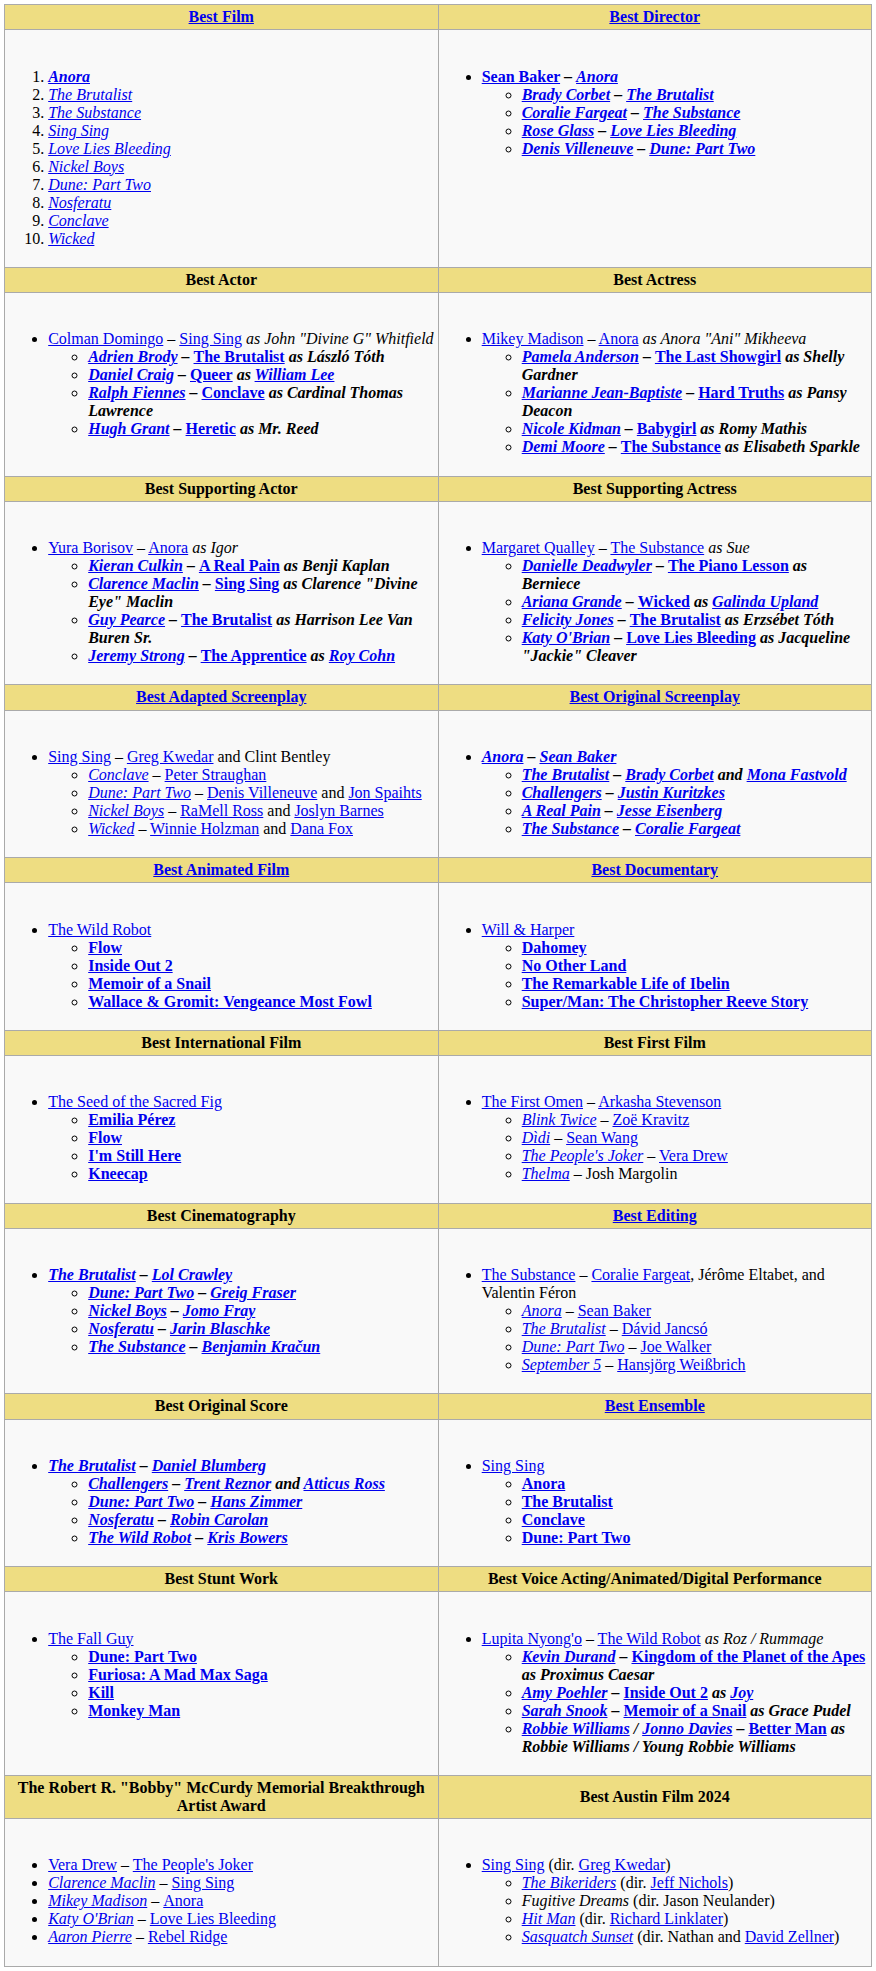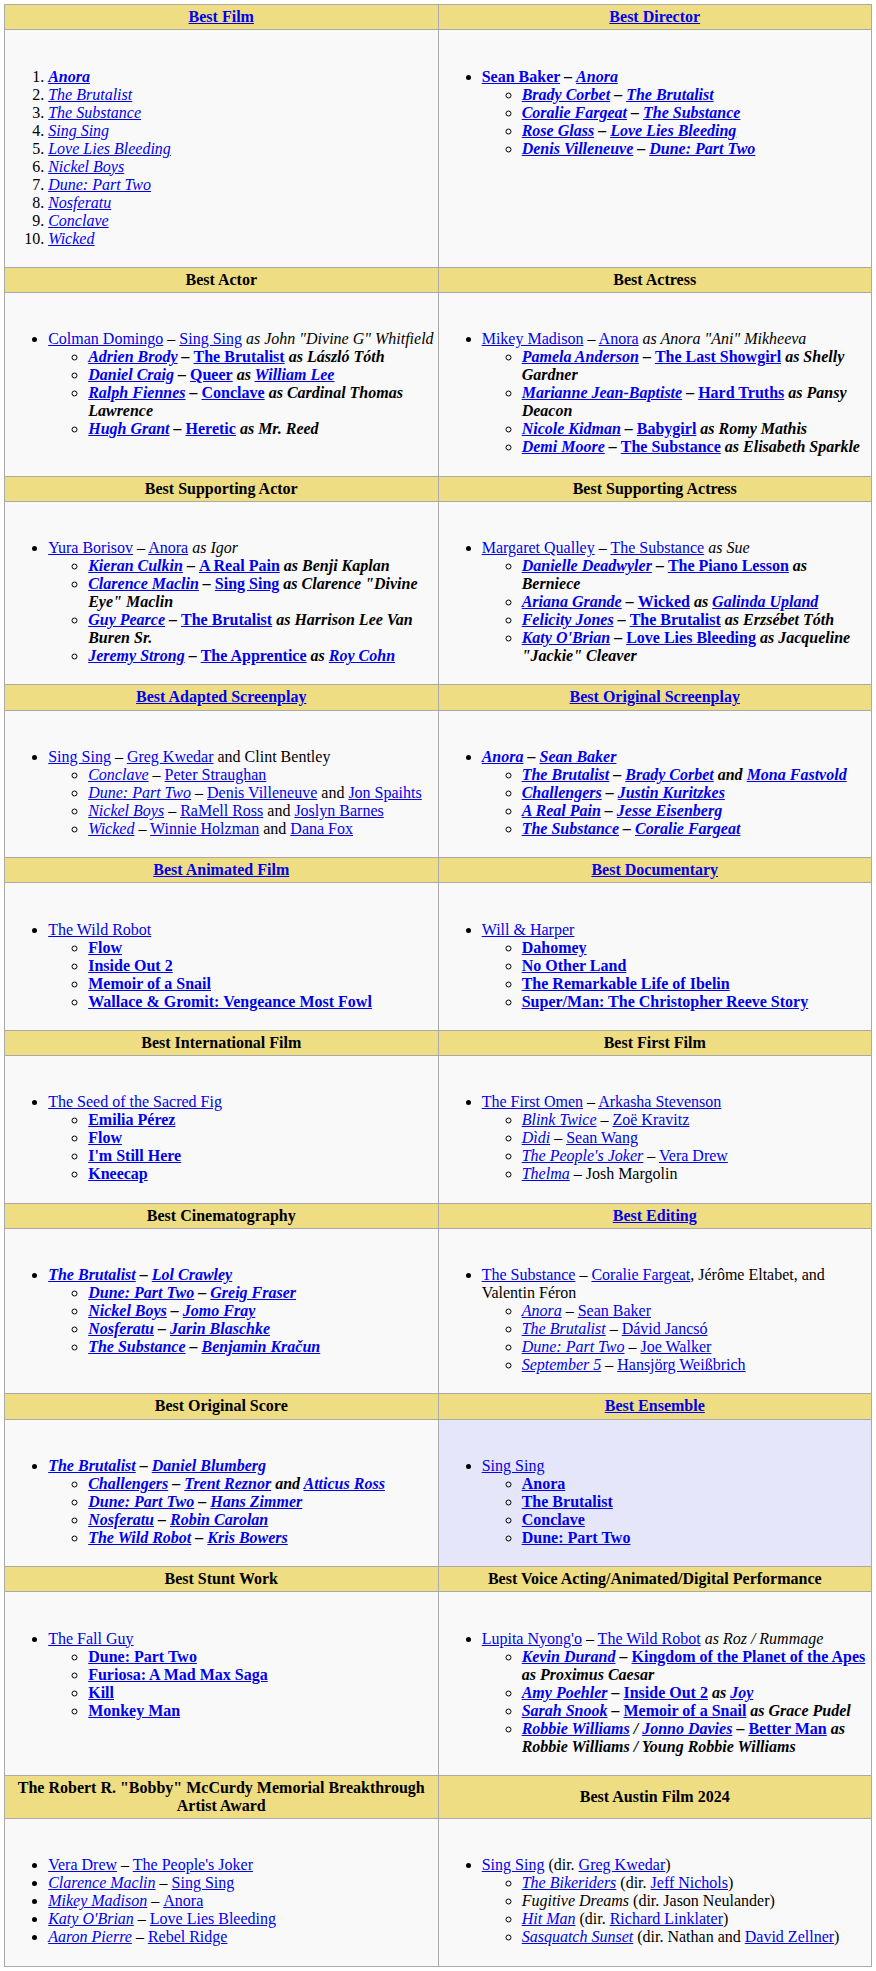 <table class="wikitable">
 <tr>
 <th style="background:#EEDD82; width:50%"><a href='#'>Best Film</a></th>
 <th style="background:#EEDD82; width:50%"><a href='#'>Best Director</a></th>
 </tr>
 <tr>
 <td valign="top"><br><ol><li><strong><em><a href='#'>Anora</a></em></strong></li><li><em><a href='#'>The Brutalist</a></em></li><li><em><a href='#'>The Substance</a></em></li><li><em><a href='#'>Sing Sing</a></em></li><li><em><a href='#'>Love Lies Bleeding</a></em></li><li><em><a href='#'>Nickel Boys</a></em></li><li><em><a href='#'>Dune: Part Two</a></em></li><li><em><a href='#'>Nosferatu</a></em></li><li><em><a href='#'>Conclave</a></em></li><li><em><a href='#'>Wicked</a></em></li></ol></td>
 <td valign="top"><br><ul><li><strong><a href='#'>Sean Baker</a> – <em><a href='#'>Anora</a><strong><em><ul><li><a href='#'>Brady Corbet</a> – </em><a href='#'>The Brutalist</a><em></li><li><a href='#'>Coralie Fargeat</a> – </em><a href='#'>The Substance</a><em></li><li><a href='#'>Rose Glass</a> – </em><a href='#'>Love Lies Bleeding</a><em></li><li><a href='#'>Denis Villeneuve</a> – </em><a href='#'>Dune: Part Two</a><em></li></ul></li></ul></td>
 </tr>
 <tr>
 <th style="background:#EEDD82; width:50%">Best Actor</th>
 <th style="background:#EEDD82; width:50%">Best Actress</th>
 </tr>
 <tr>
 <td valign="top"><br><ul><li></strong><a href='#'>Colman Domingo</a> – </em><a href='#'>Sing Sing</a><em> as John "Divine G" Whitfield<strong><ul><li><a href='#'>Adrien Brody</a> – </em><a href='#'>The Brutalist</a><em> as László Tóth</li><li><a href='#'>Daniel Craig</a> – </em><a href='#'>Queer</a><em> as <a href='#'>William Lee</a></li><li><a href='#'>Ralph Fiennes</a> – </em><a href='#'>Conclave</a><em> as Cardinal Thomas Lawrence</li><li><a href='#'>Hugh Grant</a> – </em><a href='#'>Heretic</a><em> as Mr. Reed</li></ul></li></ul></td>
 <td valign="top"><br><ul><li></strong><a href='#'>Mikey Madison</a> – </em><a href='#'>Anora</a><em> as Anora "Ani" Mikheeva<strong><ul><li><a href='#'>Pamela Anderson</a> – </em><a href='#'>The Last Showgirl</a><em> as Shelly Gardner</li><li><a href='#'>Marianne Jean-Baptiste</a> – </em><a href='#'>Hard Truths</a><em> as Pansy Deacon</li><li><a href='#'>Nicole Kidman</a> – </em><a href='#'>Babygirl</a><em> as Romy Mathis</li><li><a href='#'>Demi Moore</a> – </em><a href='#'>The Substance</a><em> as Elisabeth Sparkle</li></ul></li></ul></td>
 </tr>
 <tr>
 <th style="background:#EEDD82; width:50%">Best Supporting Actor</th>
 <th style="background:#EEDD82; width:50%">Best Supporting Actress</th>
 </tr>
 <tr>
 <td valign="top"><br><ul><li></strong><a href='#'>Yura Borisov</a> – </em><a href='#'>Anora</a><em> as Igor<strong><ul><li><a href='#'>Kieran Culkin</a> – </em><a href='#'>A Real Pain</a><em> as Benji Kaplan</li><li><a href='#'>Clarence Maclin</a> – </em><a href='#'>Sing Sing</a><em> as Clarence "Divine Eye" Maclin</li><li><a href='#'>Guy Pearce</a> – </em><a href='#'>The Brutalist</a><em> as Harrison Lee Van Buren Sr.</li><li><a href='#'>Jeremy Strong</a> – </em><a href='#'>The Apprentice</a><em> as <a href='#'>Roy Cohn</a></li></ul></li></ul></td>
 <td valign="top"><br><ul><li></strong><a href='#'>Margaret Qualley</a> – </em><a href='#'>The Substance</a><em> as Sue<strong><ul><li><a href='#'>Danielle Deadwyler</a> – </em><a href='#'>The Piano Lesson</a><em> as Berniece</li><li><a href='#'>Ariana Grande</a> – </em><a href='#'>Wicked</a><em> as <a href='#'>Galinda Upland</a></li><li><a href='#'>Felicity Jones</a> – </em><a href='#'>The Brutalist</a><em> as Erzsébet Tóth</li><li><a href='#'>Katy O'Brian</a> – </em><a href='#'>Love Lies Bleeding</a><em> as Jacqueline "Jackie" Cleaver</li></ul></li></ul></td>
 </tr>
 <tr>
 <th style="background:#EEDD82; width:50%"><a href='#'>Best Adapted Screenplay</a></th>
 <th style="background:#EEDD82; width:50%"><a href='#'>Best Original Screenplay</a></th>
 </tr>
 <tr>
 <td valign="top"><br><ul><li></em></strong><a href='#'>Sing Sing</a></em> – <a href='#'>Greg Kwedar</a> and Clint Bentley</strong><ul><li><em><a href='#'>Conclave</a></em> – <a href='#'>Peter Straughan</a></li><li><em><a href='#'>Dune: Part Two</a></em> – <a href='#'>Denis Villeneuve</a> and <a href='#'>Jon Spaihts</a></li><li><em><a href='#'>Nickel Boys</a></em> – <a href='#'>RaMell Ross</a> and <a href='#'>Joslyn Barnes</a></li><li><em><a href='#'>Wicked</a></em> – <a href='#'>Winnie Holzman</a> and <a href='#'>Dana Fox</a></li></ul></li></ul></td>
 <td valign="top"><br><ul><li><strong><em><a href='#'>Anora</a><em> – <a href='#'>Sean Baker</a><strong><ul><li></em><a href='#'>The Brutalist</a><em> – <a href='#'>Brady Corbet</a> and <a href='#'>Mona Fastvold</a></li><li></em><a href='#'>Challengers</a><em> – <a href='#'>Justin Kuritzkes</a></li><li></em><a href='#'>A Real Pain</a><em> – <a href='#'>Jesse Eisenberg</a></li><li></em><a href='#'>The Substance</a><em> – <a href='#'>Coralie Fargeat</a></li></ul></li></ul></td>
 </tr>
 <tr>
 <th style="background:#EEDD82; width:50%"><a href='#'>Best Animated Film</a></th>
 <th style="background:#EEDD82; width:50%"><a href='#'>Best Documentary</a></th>
 </tr>
 <tr>
 <td valign="top"><br><ul><li></em></strong><a href='#'>The Wild Robot</a><strong><em><ul><li></em><a href='#'>Flow</a><em></li><li></em><a href='#'>Inside Out 2</a><em></li><li></em><a href='#'>Memoir of a Snail</a><em></li><li></em><a href='#'>Wallace & Gromit: Vengeance Most Fowl</a><em></li></ul></li></ul></td>
 <td valign="top"><br><ul><li></em></strong><a href='#'>Will & Harper</a><strong><em><ul><li></em><a href='#'>Dahomey</a><em></li><li></em><a href='#'>No Other Land</a><em></li><li></em><a href='#'>The Remarkable Life of Ibelin</a><em></li><li></em><a href='#'>Super/Man: The Christopher Reeve Story</a><em></li></ul></li></ul></td>
 </tr>
 <tr>
 <th style="background:#EEDD82; width:50%">Best International Film</th>
 <th style="background:#EEDD82; width:50%">Best First Film</th>
 </tr>
 <tr>
 <td valign="top"><br><ul><li></em></strong><a href='#'>The Seed of the Sacred Fig</a><strong><em><ul><li></em><a href='#'>Emilia Pérez</a><em></li><li></em><a href='#'>Flow</a><em></li><li></em><a href='#'>I'm Still Here</a><em></li><li></em><a href='#'>Kneecap</a><em></li></ul></li></ul></td>
 <td valign="top"><br><ul><li></em></strong><a href='#'>The First Omen</a></em> – <a href='#'>Arkasha Stevenson</a></strong><ul><li><em><a href='#'>Blink Twice</a></em> – <a href='#'>Zoë Kravitz</a></li><li><em><a href='#'>Dìdi</a></em> – <a href='#'>Sean Wang</a></li><li><em><a href='#'>The People's Joker</a></em> – <a href='#'>Vera Drew</a></li><li><em><a href='#'>Thelma</a></em> – Josh Margolin</li></ul></li></ul></td>
 </tr>
 <tr>
 <th style="background:#EEDD82; width:50%">Best Cinematography</th>
 <th style="background:#EEDD82; width:50%"><a href='#'>Best Editing</a></th>
 </tr>
 <tr>
 <td valign="top"><br><ul><li><strong><em><a href='#'>The Brutalist</a><em> – <a href='#'>Lol Crawley</a><strong><ul><li></em><a href='#'>Dune: Part Two</a><em> – <a href='#'>Greig Fraser</a></li><li></em><a href='#'>Nickel Boys</a><em> – <a href='#'>Jomo Fray</a></li><li></em><a href='#'>Nosferatu</a><em> – <a href='#'>Jarin Blaschke</a></li><li></em><a href='#'>The Substance</a><em> – <a href='#'>Benjamin Kračun</a></li></ul></li></ul></td>
 <td valign="top"><br><ul><li></em></strong><a href='#'>The Substance</a></em> – <a href='#'>Coralie Fargeat</a>, Jérôme Eltabet, and Valentin Féron</strong><ul><li><em><a href='#'>Anora</a></em> – <a href='#'>Sean Baker</a></li><li><em><a href='#'>The Brutalist</a></em> – <a href='#'>Dávid Jancsó</a></li><li><em><a href='#'>Dune: Part Two</a></em> – <a href='#'>Joe Walker</a></li><li><em><a href='#'>September 5</a></em> – <a href='#'>Hansjörg Weißbrich</a></li></ul></li></ul></td>
 </tr>
 <tr>
 <th style="background:#EEDD82; width:50%">Best Original Score</th>
 <th style="background:#EEDD82; width:50%"><a href='#'>Best Ensemble</a></th>
 </tr>
 <tr>
 <td valign="top"><br><ul><li><strong><em><a href='#'>The Brutalist</a><em> – <a href='#'>Daniel Blumberg</a><strong><ul><li></em><a href='#'>Challengers</a><em> – <a href='#'>Trent Reznor</a> and <a href='#'>Atticus Ross</a></li><li></em><a href='#'>Dune: Part Two</a><em> – <a href='#'>Hans Zimmer</a></li><li></em><a href='#'>Nosferatu</a><em> – <a href='#'>Robin Carolan</a></li><li></em><a href='#'>The Wild Robot</a><em> – <a href='#'>Kris Bowers</a></li></ul></li></ul></td>
-<td valign="top"><br><ul><li></em></strong><a href='#'>Sing Sing</a><strong><em><ul><li></em><a href='#'>Anora</a><em></li><li></em><a href='#'>The Brutalist</a><em></li><li></em><a href='#'>Conclave</a><em></li><li></em><a href='#'>Dune: Part Two</a><em></li></ul></li></ul></td>
+<td valign="top" style="background: lavender;"><br><ul><li></em></strong><a href='#'>Sing Sing</a><strong><em><ul><li></em><a href='#'>Anora</a><em></li><li></em><a href='#'>The Brutalist</a><em></li><li></em><a href='#'>Conclave</a><em></li><li></em><a href='#'>Dune: Part Two</a><em></li></ul></li></ul></td>
 </tr>
 <tr>
 <th style="background:#EEDD82; width:50%">Best Stunt Work</th>
 <th style="background:#EEDD82; width:50%">Best Voice Acting/Animated/Digital Performance</th>
 </tr>
 <tr>
 <td valign="top"><br><ul><li></em></strong><a href='#'>The Fall Guy</a><strong><em><ul><li></em><a href='#'>Dune: Part Two</a><em></li><li></em><a href='#'>Furiosa: A Mad Max Saga</a><em></li><li></em><a href='#'>Kill</a><em></li><li></em><a href='#'>Monkey Man</a><em></li></ul></li></ul></td>
 <td valign="top"><br><ul><li></strong><a href='#'>Lupita Nyong'o</a> – </em><a href='#'>The Wild Robot</a><em> as Roz / Rummage<strong><ul><li><a href='#'>Kevin Durand</a> – </em><a href='#'>Kingdom of the Planet of the Apes</a><em> as Proximus Caesar</li><li><a href='#'>Amy Poehler</a> – </em><a href='#'>Inside Out 2</a><em> as <a href='#'>Joy</a></li><li><a href='#'>Sarah Snook</a> – </em><a href='#'>Memoir of a Snail</a><em> as Grace Pudel</li><li><a href='#'>Robbie Williams</a> / <a href='#'>Jonno Davies</a> – </em><a href='#'>Better Man</a><em> as Robbie Williams / Young Robbie Williams</li></ul></li></ul></td>
 </tr>
 <tr>
 <th style="background:#EEDD82; width:50%">The Robert R. "Bobby" McCurdy Memorial Breakthrough Artist Award</th>
 <th style="background:#EEDD82; width:50%">Best Austin Film 2024</th>
 </tr>
 <tr>
 <td valign="top"><br><ul><li><a href='#'>Vera Drew</a> – </em><a href='#'>The People's Joker</a><em></li><li><a href='#'>Clarence Maclin</a> – </em><a href='#'>Sing Sing</a><em></li><li><a href='#'>Mikey Madison</a> – </em><a href='#'>Anora</a><em></li><li><a href='#'>Katy O'Brian</a> – </em><a href='#'>Love Lies Bleeding</a><em></li><li><a href='#'>Aaron Pierre</a> – </em><a href='#'>Rebel Ridge</a><em></li></ul></td>
 <td valign="top"><br><ul><li></em></strong><a href='#'>Sing Sing</a></em> (dir. <a href='#'>Greg Kwedar</a>)</strong><ul><li><em><a href='#'>The Bikeriders</a></em> (dir. <a href='#'>Jeff Nichols</a>)</li><li><em>Fugitive Dreams</em> (dir. Jason Neulander)</li><li><em><a href='#'>Hit Man</a></em> (dir. <a href='#'>Richard Linklater</a>)</li><li><em><a href='#'>Sasquatch Sunset</a></em> (dir. Nathan and <a href='#'>David Zellner</a>)</li></ul></li></ul></td>
 </tr>
 </table>
